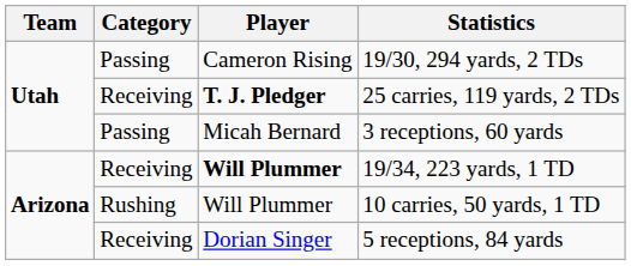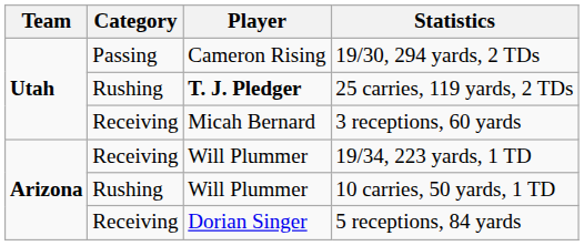 <table class="wikitable" style="float: left;">
 <tr>
 <th>Team</th>
 <th>Category</th>
 <th>Player</th>
 <th>Statistics</th>
 </tr>
 <tr>
 <td rowspan=3><strong>Utah</strong></td>
 <td>Passing</td>
 <td>Cameron Rising</td>
 <td>19/30, 294 yards, 2 TDs</td>
 </tr>
 <tr>
-<td>Receiving</td>
+<td>Rushing</td>
 <td><strong>T. J. Pledger</strong></td>
 <td>25 carries, 119 yards, 2 TDs</td>
 </tr>
 <tr>
-<td>Passing</td>
+<td>Receiving</td>
 <td>Micah Bernard</td>
 <td>3 receptions, 60 yards</td>
 </tr>
 <tr>
 <td rowspan=3><strong>Arizona</strong></td>
 <td>Receiving</td>
-<td><strong>Will Plummer</strong></td>
+<td>Will Plummer</td>
 <td>19/34, 223 yards, 1 TD</td>
 </tr>
 <tr>
 <td>Rushing</td>
 <td>Will Plummer</td>
 <td>10 carries, 50 yards, 1 TD</td>
 </tr>
 <tr>
 <td>Receiving</td>
 <td><a href='#'>Dorian Singer</a></td>
 <td>5 receptions, 84 yards</td>
 </tr>
 </table>
